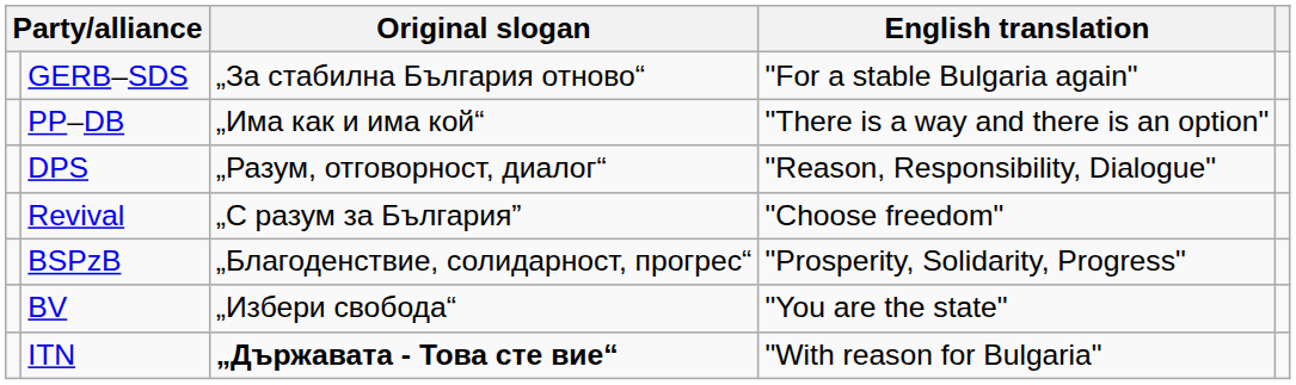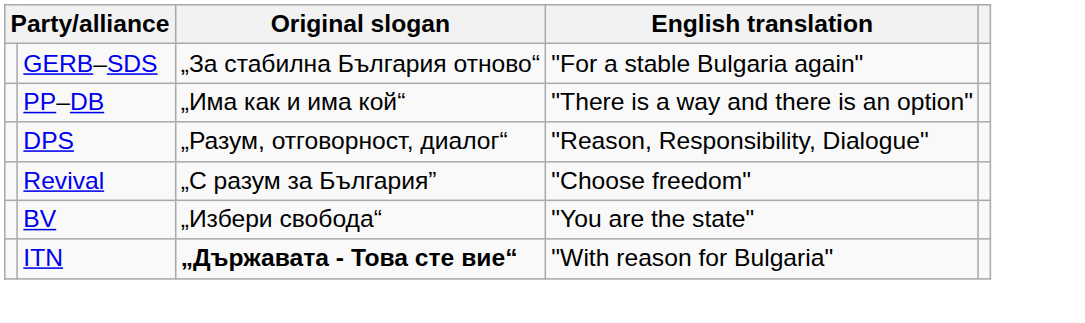 <table class="wikitable" style="text-align:left;">
 <tr>
 <th style="text-align:left;" colspan="2">Party/alliance</th>
 <th>Original slogan</th>
 <th>English translation</th>
 <th></th>
 </tr>
 <tr>
 <td width="1" style="color:inherit;background:"></td>
 <td><a href='#'>GERB</a>–<a href='#'>SDS</a></td>
 <td>„За стабилна България отново“</td>
 <td>"For a stable Bulgaria again"</td>
 <td></td>
 </tr>
 <tr>
 <td style="color:inherit;background:"></td>
 <td><a href='#'>PP</a>–<a href='#'>DB</a></td>
 <td>„Има как и има кой“</td>
 <td>"There is a way and there is an option"</td>
 <td></td>
 </tr>
 <tr>
 <td style="color:inherit;background:"></td>
 <td><a href='#'>DPS</a></td>
 <td>„Разум, отговорност, диалог“</td>
 <td>"Reason, Responsibility, Dialogue"</td>
 <td></td>
 </tr>
 <tr>
 <td style="color:inherit;background:"></td>
 <td><a href='#'>Revival</a></td>
 <td>„С разум за България”</td>
 <td>"Choose freedom"</td>
 <td></td>
 </tr>
 <tr>
 <td style="color:inherit;background:"></td>
-<td><a href='#'>BSPzB</a></td>
-<td>„Благоденствие, солидарност, прогрес“</td>
-<td>"Prosperity, Solidarity, Progress"</td>
-<td></td>
-</tr>
-<tr>
-<td style="color:inherit;background:"></td>
 <td><a href='#'>BV</a></td>
 <td>„Избери свобода“</td>
 <td>"You are the state"</td>
 <td></td>
 </tr>
 <tr>
 <td style="color:inherit;background:"></td>
 <td><a href='#'>ITN</a></td>
 <td><strong>„Държавата - Това сте вие“</strong></td>
 <td>"With reason for Bulgaria"</td>
 <td></td>
 </tr>
 </table>
